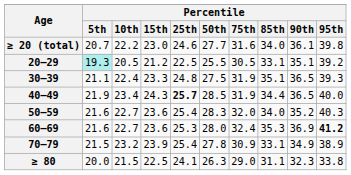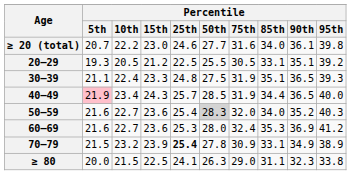 <table class="wikitable plainrowheaders floatleft">
 <tr>
 </tr>
 <tr>
 <th scope="col" rowspan="2">Age</th>
 <th scope="colgroup" colspan="9">Percentile</th>
 </tr>
 <tr>
 <th scope="col">5th</th>
 <th scope="col">10th</th>
 <th scope="col">15th</th>
 <th scope="col">25th</th>
 <th scope="col">50th</th>
 <th scope="col">75th</th>
 <th scope="col">85th</th>
 <th scope="col">90th</th>
 <th scope="col">95th</th>
 </tr>
 <tr>
 <th scope="row" style="text-align:center">≥ 20 (total)</th>
 <td>20.7</td>
 <td>22.2</td>
 <td>23.0</td>
 <td>24.6</td>
 <td>27.7</td>
 <td>31.6</td>
 <td>34.0</td>
 <td>36.1</td>
 <td>39.8</td>
 </tr>
 <tr>
 <th scope="row" style="text-align:center" class="nowrap">20–29</th>
-<td style="background: paleturquoise;">19.3</td>
+<td>19.3</td>
 <td>20.5</td>
 <td>21.2</td>
 <td>22.5</td>
 <td>25.5</td>
 <td>30.5</td>
 <td>33.1</td>
 <td>35.1</td>
 <td>39.2</td>
 </tr>
 <tr>
 <th scope="row" style="text-align:center">30–39</th>
 <td>21.1</td>
 <td>22.4</td>
 <td>23.3</td>
 <td>24.8</td>
 <td>27.5</td>
 <td>31.9</td>
 <td>35.1</td>
 <td>36.5</td>
 <td>39.3</td>
 </tr>
 <tr>
 <th scope="row" style="text-align:center">40–49</th>
-<td>21.9</td>
+<td style="background: pink;">21.9</td>
 <td>23.4</td>
 <td>24.3</td>
-<td><strong>25.7</strong></td>
+<td>25.7</td>
 <td>28.5</td>
 <td>31.9</td>
 <td>34.4</td>
 <td>36.5</td>
 <td>40.0</td>
 </tr>
 <tr>
 <th scope="row" style="text-align:center">50–59</th>
 <td>21.6</td>
 <td>22.7</td>
 <td>23.6</td>
 <td>25.4</td>
-<td>28.3</td>
+<td style="background: lightgrey;">28.3</td>
 <td>32.0</td>
 <td>34.0</td>
 <td>35.2</td>
 <td>40.3</td>
 </tr>
 <tr>
 <th scope="row" style="text-align:center">60–69</th>
 <td>21.6</td>
 <td>22.7</td>
 <td>23.6</td>
 <td>25.3</td>
 <td>28.0</td>
 <td>32.4</td>
 <td>35.3</td>
 <td>36.9</td>
-<td><strong>41.2</strong></td>
+<td>41.2</td>
 </tr>
 <tr>
 <th scope="row" style="text-align:center">70–79</th>
 <td>21.5</td>
 <td>23.2</td>
 <td>23.9</td>
-<td>25.4</td>
+<td><strong>25.4</strong></td>
 <td>27.8</td>
 <td>30.9</td>
 <td>33.1</td>
 <td>34.9</td>
 <td>38.9</td>
 </tr>
 <tr>
 <th scope="row" style="text-align:center">≥ 80</th>
 <td>20.0</td>
 <td>21.5</td>
 <td>22.5</td>
 <td>24.1</td>
 <td>26.3</td>
 <td>29.0</td>
 <td>31.1</td>
 <td>32.3</td>
 <td>33.8</td>
 </tr>
 </table>
